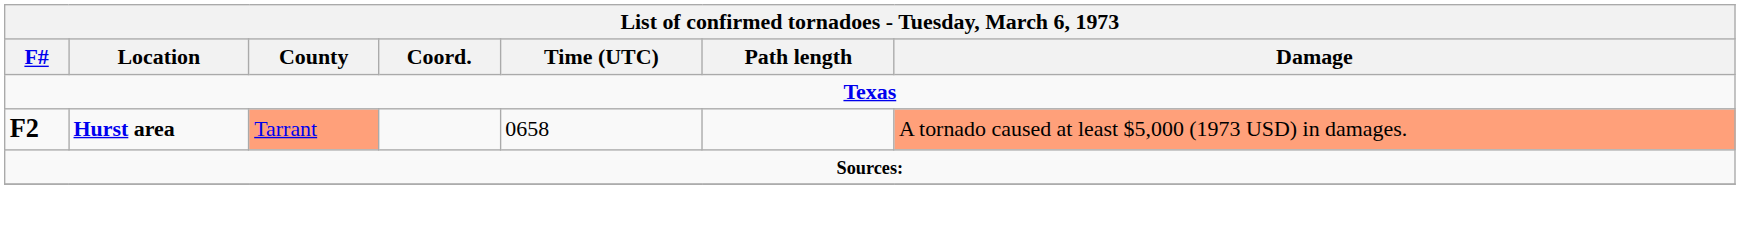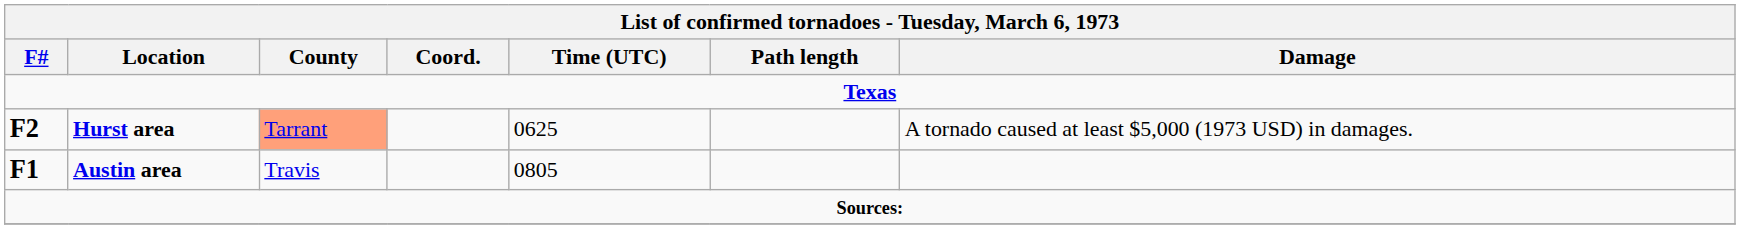 <table class="wikitable collapsible" width="100%">
 <tr>
 <th colspan="7">List of confirmed tornadoes - Tuesday, March 6, 1973</th>
 </tr>
 <tr>
 <th><a href='#'>F#</a></th>
 <th>Location</th>
 <th>County</th>
 <th>Coord.</th>
 <th>Time (UTC)</th>
 <th>Path length</th>
 <th>Damage</th>
 </tr>
 <tr>
 <td colspan="7" align=center><strong><a href='#'>Texas</a></strong></td>
 </tr>
 <tr>
 <td><big><strong>F2</strong></big></td>
 <td><strong><a href='#'>Hurst</a> area</strong></td>
 <td style="background: lightsalmon;"><a href='#'>Tarrant</a></td>
 <td></td>
-<td>0658</td>
+<td>0625</td>
 <td></td>
-<td style="background: lightsalmon;">A tornado caused at least $5,000 (1973 USD) in damages.</td>
+<td>A tornado caused at least $5,000 (1973 USD) in damages.</td>
+</tr>
+<tr>
+<td><big><strong>F1</strong></big></td>
+<td><strong><a href='#'>Austin</a> area</strong></td>
+<td><a href='#'>Travis</a></td>
+<td></td>
+<td>0805</td>
+<td></td>
+<td></td>
 </tr>
 <tr>
 <td colspan="7" align=center><small><strong>Sources:</strong> </small></td>
 </tr>
 <tr>
 </tr>
 </table>
